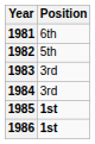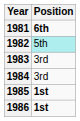 <table class="wikitable">
 <tr>
 <th scope="col">Year</th>
 <th scope="col">Position</th>
 </tr>
 <tr>
 <th scope="row">1981</th>
-<td>6th</td>
+<td><strong>6th</strong></td>
 </tr>
 <tr>
 <th scope="row">1982</th>
-<td>5th</td>
+<td style="background: paleturquoise;">5th</td>
 </tr>
 <tr>
 <th scope="row">1983</th>
 <td>3rd</td>
 </tr>
 <tr>
 <th scope="row">1984</th>
 <td>3rd</td>
 </tr>
 <tr>
 <th scope="row">1985</th>
 <td><strong>1st</strong></td>
 </tr>
 <tr>
 <th scope="row">1986</th>
 <td><strong>1st</strong></td>
 </tr>
 </table>
